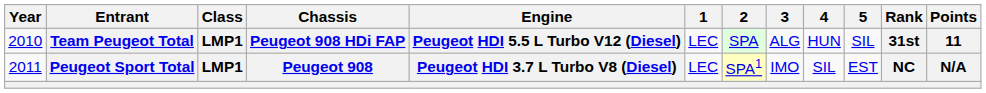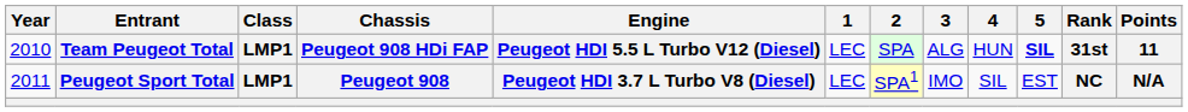 <table class="wikitable" style="text-align:center; font-size:85%">
 <tr>
 <th>Year</th>
 <th>Entrant</th>
 <th>Class</th>
 <th>Chassis</th>
 <th>Engine</th>
 <th>1</th>
 <th>2</th>
 <th>3</th>
 <th>4</th>
 <th>5</th>
 <th>Rank</th>
 <th>Points</th>
 </tr>
 <tr>
 <td><a href='#'>2010</a></td>
 <th nowrap><a href='#'>Team Peugeot Total</a></th>
 <th>LMP1</th>
 <th nowrap><a href='#'>Peugeot 908 HDi FAP</a></th>
 <th nowrap><a href='#'>Peugeot</a> <a href='#'>HDI</a> 5.5 L Turbo V12 (<a href='#'>Diesel</a>)</th>
 <td><a href='#'>LEC</a></td>
 <td style="background:#dfffdf;"><a href='#'>SPA</a><br></td>
 <td><a href='#'>ALG</a></td>
 <td><a href='#'>HUN</a></td>
-<td><a href='#'>SIL</a></td>
+<td><strong><a href='#'>SIL</a></strong></td>
 <th>31st</th>
 <th>11</th>
 </tr>
 <tr>
 <td><a href='#'>2011</a></td>
 <th nowrap><a href='#'>Peugeot Sport Total</a></th>
 <th>LMP1</th>
 <th nowrap><a href='#'>Peugeot 908</a></th>
 <th nowrap><a href='#'>Peugeot</a> <a href='#'>HDI</a> 3.7 L Turbo V8 (<a href='#'>Diesel</a>)</th>
 <td><a href='#'>LEC</a></td>
 <td style="background:#FFFFBF;"><a href='#'>SPA<sup>1</sup></a><br></td>
 <td><a href='#'>IMO</a></td>
 <td><a href='#'>SIL</a></td>
 <td><a href='#'>EST</a></td>
 <th>NC</th>
 <th>N/A</th>
 </tr>
 <tr>
 <th colspan="12"></th>
 </tr>
 </table>
